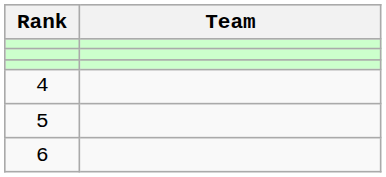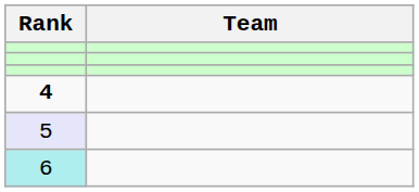 <table class="wikitable" style="text-align: center;">
 <tr>
 <th width=40>Rank</th>
 <th width=180>Team</th>
 </tr>
 <tr bgcolor=#CCFFCC>
 <td></td>
 <td style="text-align:left;"></td>
 </tr>
 <tr bgcolor=#CCFFCC>
 <td></td>
 <td style="text-align:left;"></td>
 </tr>
 <tr bgcolor=#CCFFCC>
 <td></td>
 <td style="text-align:left;"></td>
 </tr>
 <tr>
-<td>4</td>
+<td><strong>4</strong></td>
 <td style="text-align:left;"></td>
 </tr>
 <tr>
-<td>5</td>
+<td style="background: lavender;">5</td>
 <td style="text-align:left;"></td>
 </tr>
 <tr>
-<td>6</td>
+<td style="background: paleturquoise;">6</td>
 <td style="text-align:left;"></td>
 </tr>
 </table>
